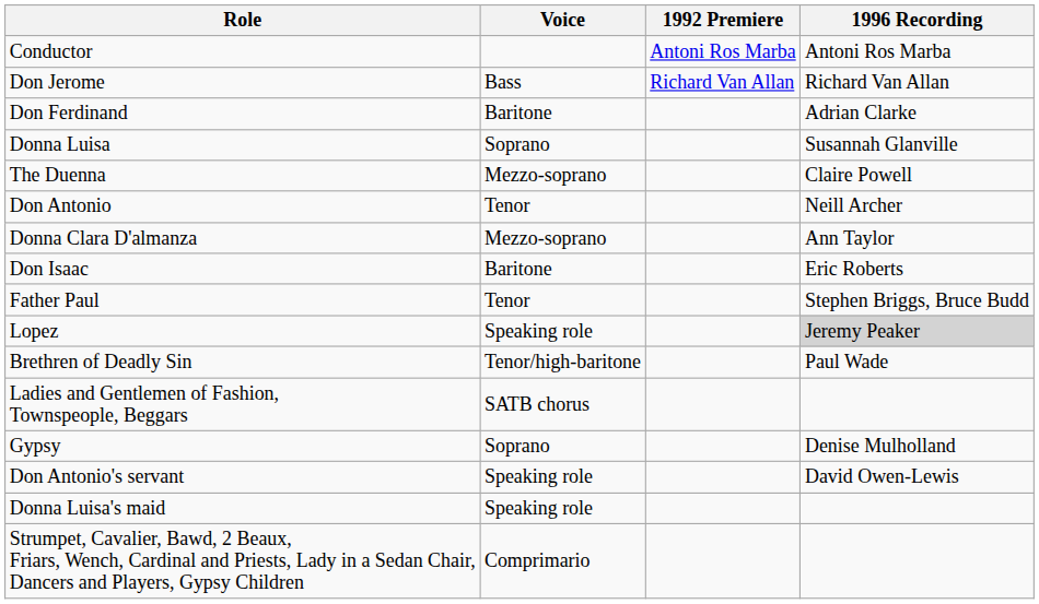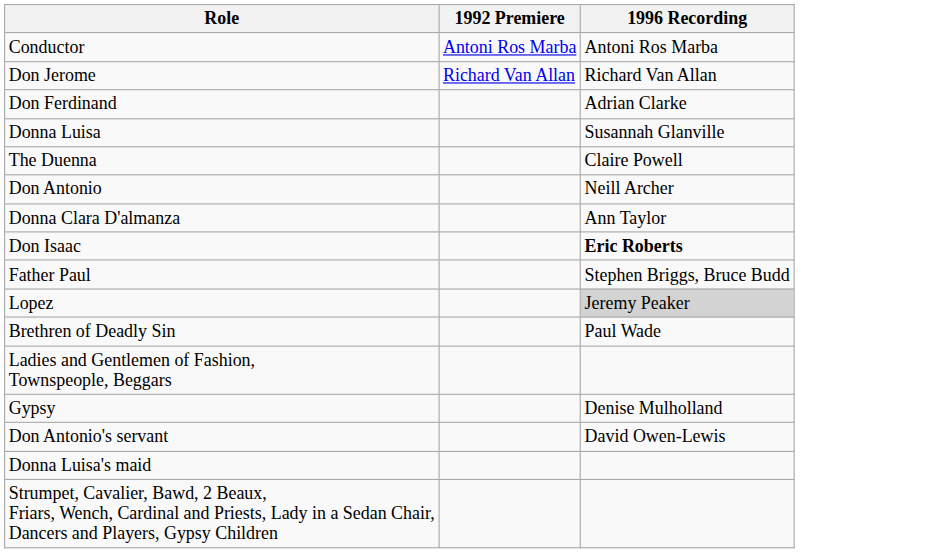 <table class="wikitable">
 <tr>
 <th>Role</th>
-<th>Voice</th>
 <th>1992 Premiere</th>
 <th>1996 Recording</th>
 </tr>
 <tr>
 <td>Conductor</td>
-<td></td>
 <td><a href='#'>Antoni Ros Marba</a></td>
 <td>Antoni Ros Marba</td>
 </tr>
 <tr>
 <td>Don Jerome</td>
-<td>Bass</td>
 <td><a href='#'>Richard Van Allan</a></td>
 <td>Richard Van Allan</td>
 </tr>
 <tr>
 <td>Don Ferdinand</td>
-<td>Baritone</td>
 <td></td>
 <td>Adrian Clarke</td>
 </tr>
 <tr>
 <td>Donna Luisa</td>
-<td>Soprano</td>
 <td></td>
 <td>Susannah Glanville</td>
 </tr>
 <tr>
 <td>The Duenna</td>
-<td>Mezzo-soprano</td>
 <td></td>
 <td>Claire Powell</td>
 </tr>
 <tr>
 <td>Don Antonio</td>
-<td>Tenor</td>
 <td></td>
 <td>Neill Archer</td>
 </tr>
 <tr>
 <td>Donna Clara D'almanza</td>
-<td>Mezzo-soprano</td>
 <td></td>
 <td>Ann Taylor</td>
 </tr>
 <tr>
 <td>Don Isaac</td>
-<td>Baritone</td>
 <td></td>
-<td>Eric Roberts</td>
+<td><strong>Eric Roberts</strong></td>
 </tr>
 <tr>
 <td>Father Paul</td>
-<td>Tenor</td>
 <td></td>
 <td>Stephen Briggs, Bruce Budd</td>
 </tr>
 <tr>
 <td>Lopez</td>
-<td>Speaking role</td>
 <td></td>
 <td style="background: lightgrey;">Jeremy Peaker</td>
 </tr>
 <tr>
 <td>Brethren of Deadly Sin</td>
-<td>Tenor/high-baritone</td>
 <td></td>
 <td>Paul Wade</td>
 </tr>
 <tr>
 <td>Ladies and Gentlemen of Fashion,<br>Townspeople, Beggars</td>
-<td>SATB chorus</td>
 <td></td>
 <td></td>
 </tr>
 <tr>
 <td>Gypsy</td>
-<td>Soprano</td>
 <td></td>
 <td>Denise Mulholland</td>
 </tr>
 <tr>
 <td>Don Antonio's servant</td>
-<td>Speaking role</td>
 <td></td>
 <td>David Owen-Lewis</td>
 </tr>
 <tr>
 <td>Donna Luisa's maid</td>
-<td>Speaking role</td>
 <td></td>
 <td></td>
 </tr>
 <tr>
 <td>Strumpet, Cavalier, Bawd, 2 Beaux,<br>Friars, Wench, Cardinal and Priests, Lady in a Sedan Chair,<br>Dancers and Players,  Gypsy Children</td>
-<td>Comprimario</td>
 <td></td>
 <td></td>
 </tr>
 </table>
